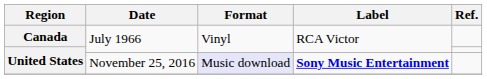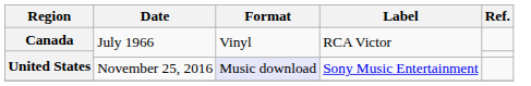 <table class="wikitable plainrowheaders">
 <tr>
 <th scope="col">Region</th>
 <th scope="col">Date</th>
 <th scope="col">Format</th>
 <th scope="col">Label</th>
 <th scope="col">Ref.</th>
 </tr>
 <tr>
 <th scope="row">Canada</th>
 <td rowspan="2">July 1966</td>
 <td rowspan="2">Vinyl</td>
 <td rowspan="2">RCA Victor</td>
 <td></td>
 </tr>
 <tr>
 <th scope="row" rowspan="2">United States</th>
 <td></td>
 </tr>
 <tr>
 <td>November 25, 2016</td>
 <td style="background: lavender;">Music download</td>
-<td><strong><a href='#'>Sony Music Entertainment</a></strong></td>
+<td><a href='#'>Sony Music Entertainment</a></td>
 <td></td>
 </tr>
 <tr>
 </tr>
 </table>
